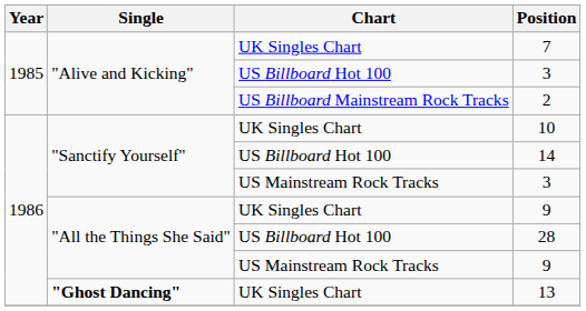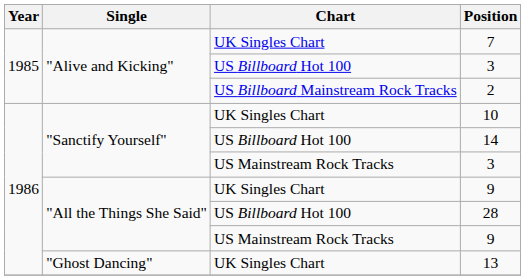 <table class="wikitable">
 <tr>
 <th>Year</th>
 <th>Single</th>
 <th>Chart</th>
 <th>Position</th>
 </tr>
 <tr>
 <td rowspan="3">1985</td>
 <td rowspan="3">"Alive and Kicking"</td>
 <td><a href='#'>UK Singles Chart</a></td>
 <td align="center">7</td>
 </tr>
 <tr>
 <td><a href='#'>US <em>Billboard</em> Hot 100</a></td>
 <td align="center">3</td>
 </tr>
 <tr>
 <td><a href='#'>US <em>Billboard</em> Mainstream Rock Tracks</a></td>
 <td align="center">2</td>
 </tr>
 <tr>
 <td rowspan="7">1986</td>
 <td rowspan="3">"Sanctify Yourself"</td>
 <td>UK Singles Chart</td>
 <td align="center">10</td>
 </tr>
 <tr>
 <td>US <em>Billboard</em> Hot 100</td>
 <td align="center">14</td>
 </tr>
 <tr>
 <td>US Mainstream Rock Tracks</td>
 <td align="center">3</td>
 </tr>
 <tr>
 <td rowspan="3">"All the Things She Said"</td>
 <td>UK Singles Chart</td>
 <td align="center">9</td>
 </tr>
 <tr>
 <td>US <em>Billboard</em> Hot 100</td>
 <td align="center">28</td>
 </tr>
 <tr>
 <td>US Mainstream Rock Tracks</td>
 <td align="center">9</td>
 </tr>
 <tr>
-<td><strong>"Ghost Dancing"</strong></td>
+<td>"Ghost Dancing"</td>
 <td>UK Singles Chart</td>
 <td align="center">13</td>
 </tr>
 <tr>
 </tr>
 </table>
